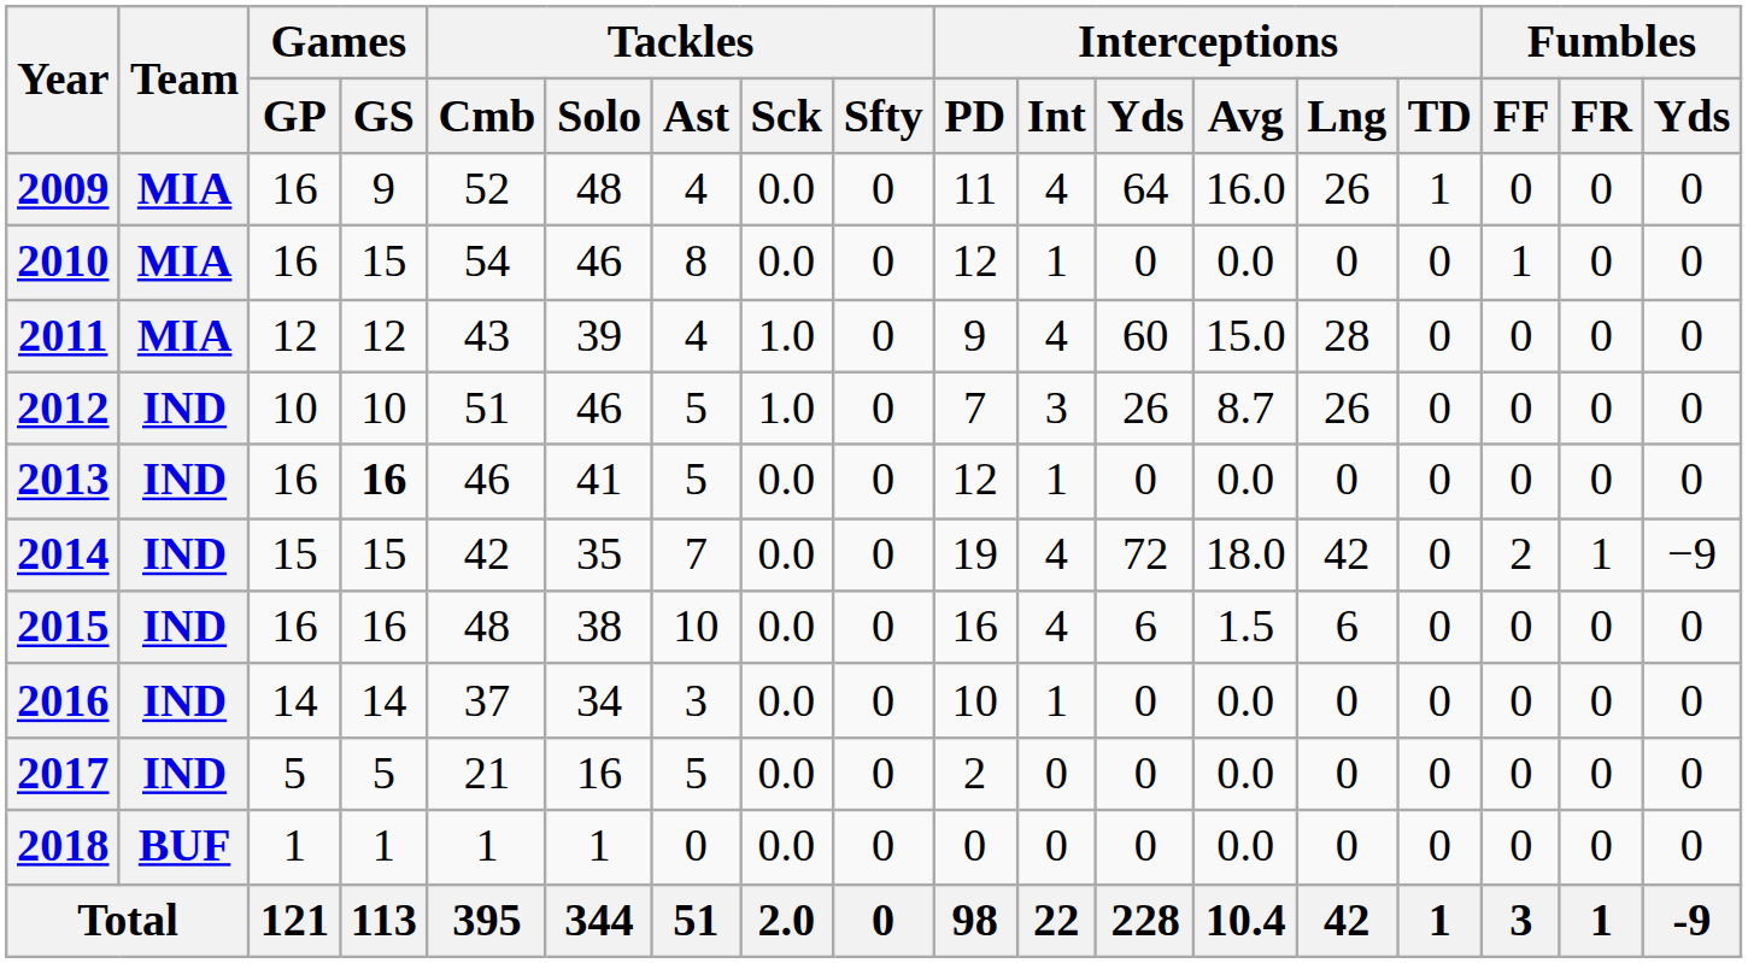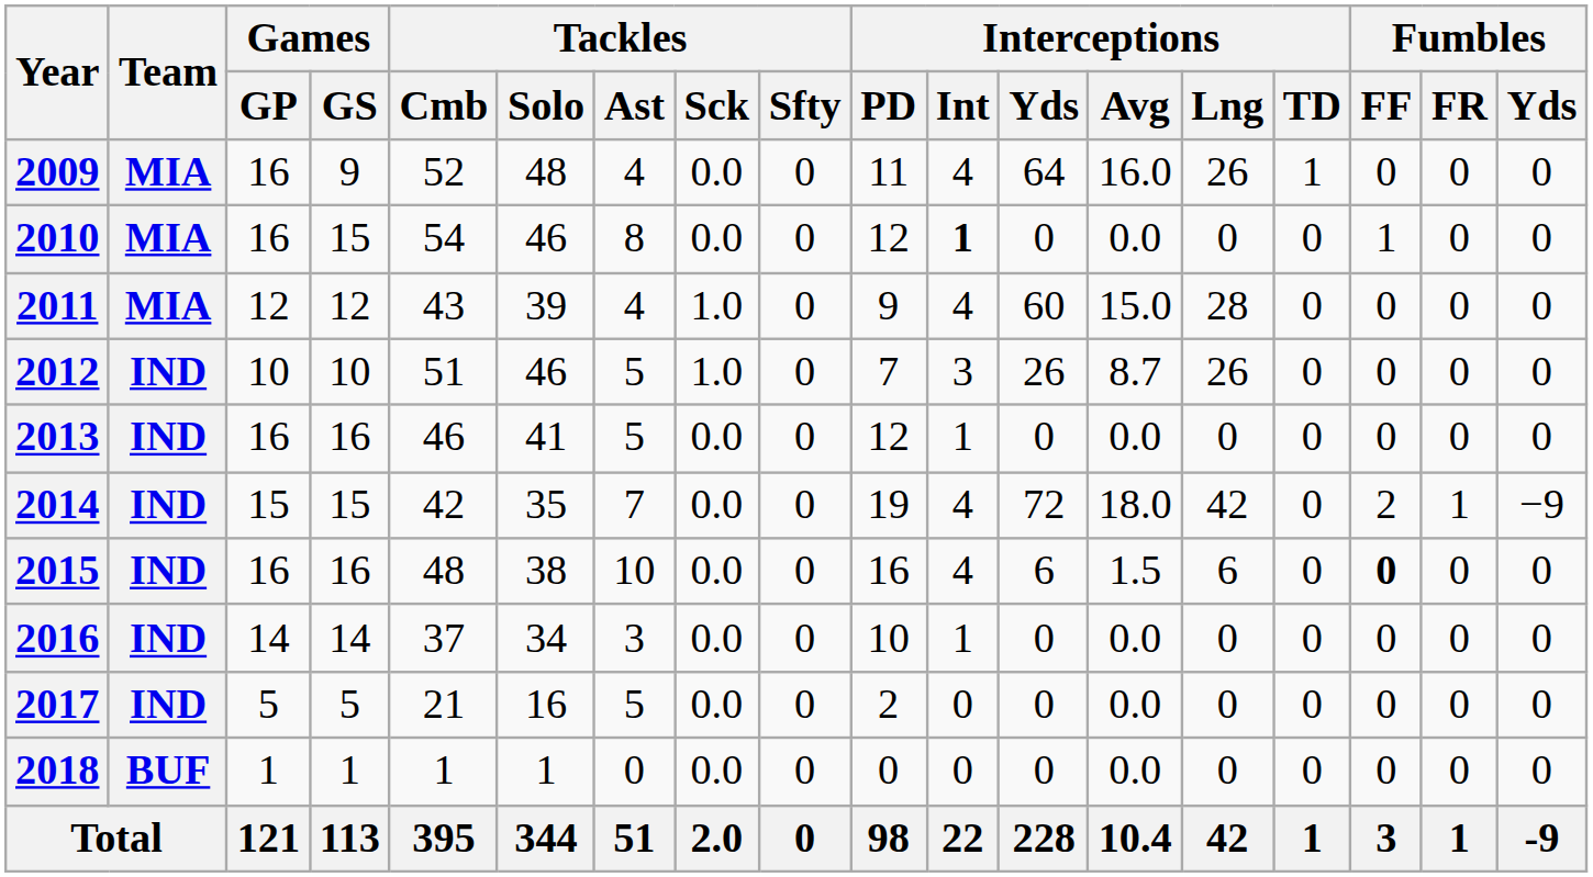 <table class="wikitable" style="text-align:center;">
 <tr>
 <th rowspan="2">Year</th>
 <th rowspan="2">Team</th>
 <th colspan="2">Games</th>
 <th colspan="5">Tackles</th>
 <th colspan="6">Interceptions</th>
 <th colspan="3">Fumbles</th>
 </tr>
 <tr>
 <th>GP</th>
 <th>GS</th>
 <th>Cmb</th>
 <th>Solo</th>
 <th>Ast</th>
 <th>Sck</th>
 <th>Sfty</th>
 <th>PD</th>
 <th>Int</th>
 <th>Yds</th>
 <th>Avg</th>
 <th>Lng</th>
 <th>TD</th>
 <th>FF</th>
 <th>FR</th>
 <th>Yds</th>
 </tr>
 <tr>
 <th><a href='#'>2009</a></th>
 <th><a href='#'>MIA</a></th>
 <td>16</td>
 <td>9</td>
 <td>52</td>
 <td>48</td>
 <td>4</td>
 <td>0.0</td>
 <td>0</td>
 <td>11</td>
 <td>4</td>
 <td>64</td>
 <td>16.0</td>
 <td>26</td>
 <td>1</td>
 <td>0</td>
 <td>0</td>
 <td>0</td>
 </tr>
 <tr>
 <th><a href='#'>2010</a></th>
 <th><a href='#'>MIA</a></th>
 <td>16</td>
 <td>15</td>
 <td>54</td>
 <td>46</td>
 <td>8</td>
 <td>0.0</td>
 <td>0</td>
 <td>12</td>
-<td>1</td>
+<td><strong>1</strong></td>
 <td>0</td>
 <td>0.0</td>
 <td>0</td>
 <td>0</td>
 <td>1</td>
 <td>0</td>
 <td>0</td>
 </tr>
 <tr>
 <th><a href='#'>2011</a></th>
 <th><a href='#'>MIA</a></th>
 <td>12</td>
 <td>12</td>
 <td>43</td>
 <td>39</td>
 <td>4</td>
 <td>1.0</td>
 <td>0</td>
 <td>9</td>
 <td>4</td>
 <td>60</td>
 <td>15.0</td>
 <td>28</td>
 <td>0</td>
 <td>0</td>
 <td>0</td>
 <td>0</td>
 </tr>
 <tr>
 <th><a href='#'>2012</a></th>
 <th><a href='#'>IND</a></th>
 <td>10</td>
 <td>10</td>
 <td>51</td>
 <td>46</td>
 <td>5</td>
 <td>1.0</td>
 <td>0</td>
 <td>7</td>
 <td>3</td>
 <td>26</td>
 <td>8.7</td>
 <td>26</td>
 <td>0</td>
 <td>0</td>
 <td>0</td>
 <td>0</td>
 </tr>
 <tr>
 <th><a href='#'>2013</a></th>
 <th><a href='#'>IND</a></th>
 <td>16</td>
-<td><strong>16</strong></td>
+<td>16</td>
 <td>46</td>
 <td>41</td>
 <td>5</td>
 <td>0.0</td>
 <td>0</td>
 <td>12</td>
 <td>1</td>
 <td>0</td>
 <td>0.0</td>
 <td>0</td>
 <td>0</td>
 <td>0</td>
 <td>0</td>
 <td>0</td>
 </tr>
 <tr>
 <th><a href='#'>2014</a></th>
 <th><a href='#'>IND</a></th>
 <td>15</td>
 <td>15</td>
 <td>42</td>
 <td>35</td>
 <td>7</td>
 <td>0.0</td>
 <td>0</td>
 <td>19</td>
 <td>4</td>
 <td>72</td>
 <td>18.0</td>
 <td>42</td>
 <td>0</td>
 <td>2</td>
 <td>1</td>
 <td>−9</td>
 </tr>
 <tr>
 <th><a href='#'>2015</a></th>
 <th><a href='#'>IND</a></th>
 <td>16</td>
 <td>16</td>
 <td>48</td>
 <td>38</td>
 <td>10</td>
 <td>0.0</td>
 <td>0</td>
 <td>16</td>
 <td>4</td>
 <td>6</td>
 <td>1.5</td>
 <td>6</td>
 <td>0</td>
-<td>0</td>
+<td><strong>0</strong></td>
 <td>0</td>
 <td>0</td>
 </tr>
 <tr>
 <th><a href='#'>2016</a></th>
 <th><a href='#'>IND</a></th>
 <td>14</td>
 <td>14</td>
 <td>37</td>
 <td>34</td>
 <td>3</td>
 <td>0.0</td>
 <td>0</td>
 <td>10</td>
 <td>1</td>
 <td>0</td>
 <td>0.0</td>
 <td>0</td>
 <td>0</td>
 <td>0</td>
 <td>0</td>
 <td>0</td>
 </tr>
 <tr>
 <th><a href='#'>2017</a></th>
 <th><a href='#'>IND</a></th>
 <td>5</td>
 <td>5</td>
 <td>21</td>
 <td>16</td>
 <td>5</td>
 <td>0.0</td>
 <td>0</td>
 <td>2</td>
 <td>0</td>
 <td>0</td>
 <td>0.0</td>
 <td>0</td>
 <td>0</td>
 <td>0</td>
 <td>0</td>
 <td>0</td>
 </tr>
 <tr>
 <th><a href='#'>2018</a></th>
 <th><a href='#'>BUF</a></th>
 <td>1</td>
 <td>1</td>
 <td>1</td>
 <td>1</td>
 <td>0</td>
 <td>0.0</td>
 <td>0</td>
 <td>0</td>
 <td>0</td>
 <td>0</td>
 <td>0.0</td>
 <td>0</td>
 <td>0</td>
 <td>0</td>
 <td>0</td>
 <td>0</td>
 </tr>
 <tr>
 <th colspan="2">Total</th>
 <th>121</th>
 <th>113</th>
 <th>395</th>
 <th>344</th>
 <th>51</th>
 <th>2.0</th>
 <th>0</th>
 <th>98</th>
 <th>22</th>
 <th>228</th>
 <th>10.4</th>
 <th>42</th>
 <th>1</th>
 <th>3</th>
 <th>1</th>
 <th>-9</th>
 </tr>
 </table>
